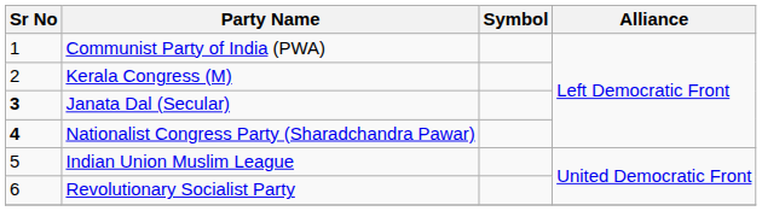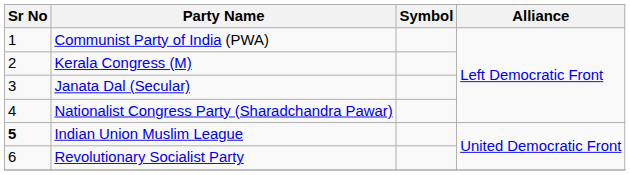 <table class="wikitable">
 <tr>
 <th>Sr No</th>
 <th>Party Name</th>
 <th>Symbol</th>
 <th>Alliance</th>
 </tr>
 <tr>
 <td>1</td>
 <td><a href='#'>Communist Party of India</a> (PWA)</td>
 <td></td>
 <td rowspan=4><a href='#'>Left Democratic Front</a></td>
 </tr>
 <tr>
 <td>2</td>
 <td><a href='#'>Kerala Congress (M)</a></td>
 <td></td>
 </tr>
 <tr>
-<td><strong>3</strong></td>
+<td>3</td>
 <td><a href='#'>Janata Dal (Secular)</a></td>
 <td></td>
 </tr>
 <tr>
-<td><strong>4</strong></td>
+<td>4</td>
 <td><a href='#'>Nationalist Congress Party (Sharadchandra Pawar)</a></td>
 <td></td>
 </tr>
 <tr>
-<td>5</td>
+<td><strong>5</strong></td>
 <td><a href='#'>Indian Union Muslim League</a></td>
 <td></td>
 <td rowspan=2><a href='#'>United Democratic Front</a></td>
 </tr>
 <tr>
 <td>6</td>
 <td><a href='#'>Revolutionary Socialist Party</a></td>
 <td></td>
 </tr>
 <tr>
 </tr>
 </table>
